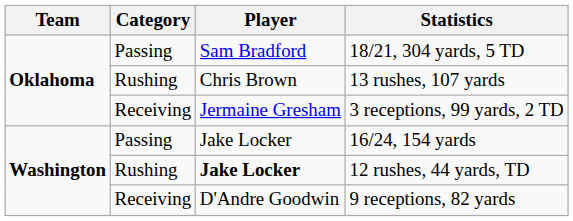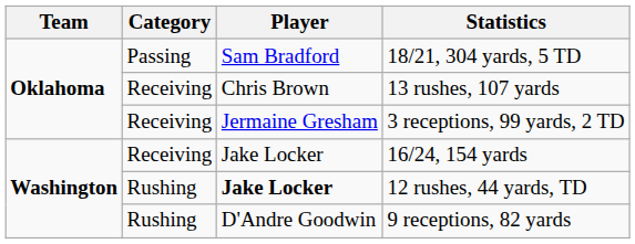 <table class="wikitable" style="float: right;">
 <tr>
 <th>Team</th>
 <th>Category</th>
 <th>Player</th>
 <th>Statistics</th>
 </tr>
 <tr>
 <td rowspan=3><strong>Oklahoma</strong></td>
 <td>Passing</td>
 <td><a href='#'>Sam Bradford</a></td>
 <td>18/21, 304 yards, 5 TD</td>
 </tr>
 <tr>
-<td>Rushing</td>
+<td>Receiving</td>
 <td>Chris Brown</td>
 <td>13 rushes, 107 yards</td>
 </tr>
 <tr>
 <td>Receiving</td>
 <td><a href='#'>Jermaine Gresham</a></td>
 <td>3 receptions, 99 yards, 2 TD</td>
 </tr>
 <tr>
 <td rowspan=3><strong>Washington</strong></td>
-<td>Passing</td>
+<td>Receiving</td>
 <td>Jake Locker</td>
 <td>16/24, 154 yards</td>
 </tr>
 <tr>
 <td>Rushing</td>
 <td><strong>Jake Locker</strong></td>
 <td>12 rushes, 44 yards, TD</td>
 </tr>
 <tr>
-<td>Receiving</td>
+<td>Rushing</td>
 <td>D'Andre Goodwin</td>
 <td>9 receptions, 82 yards</td>
 </tr>
 </table>
